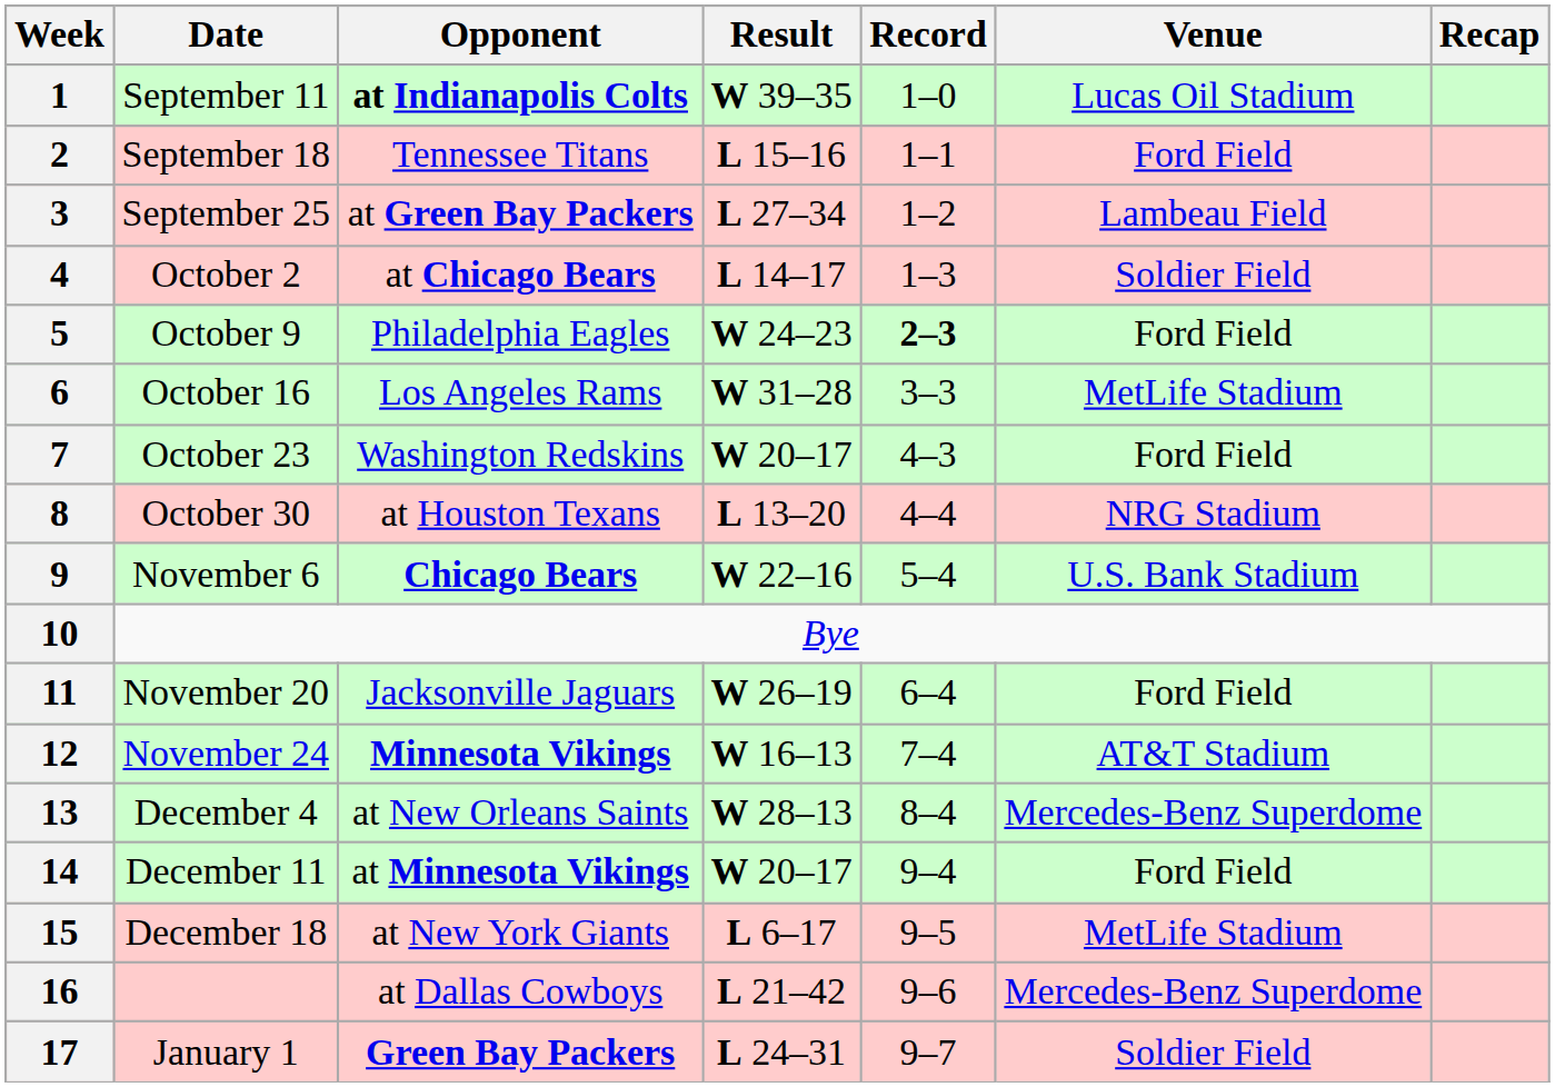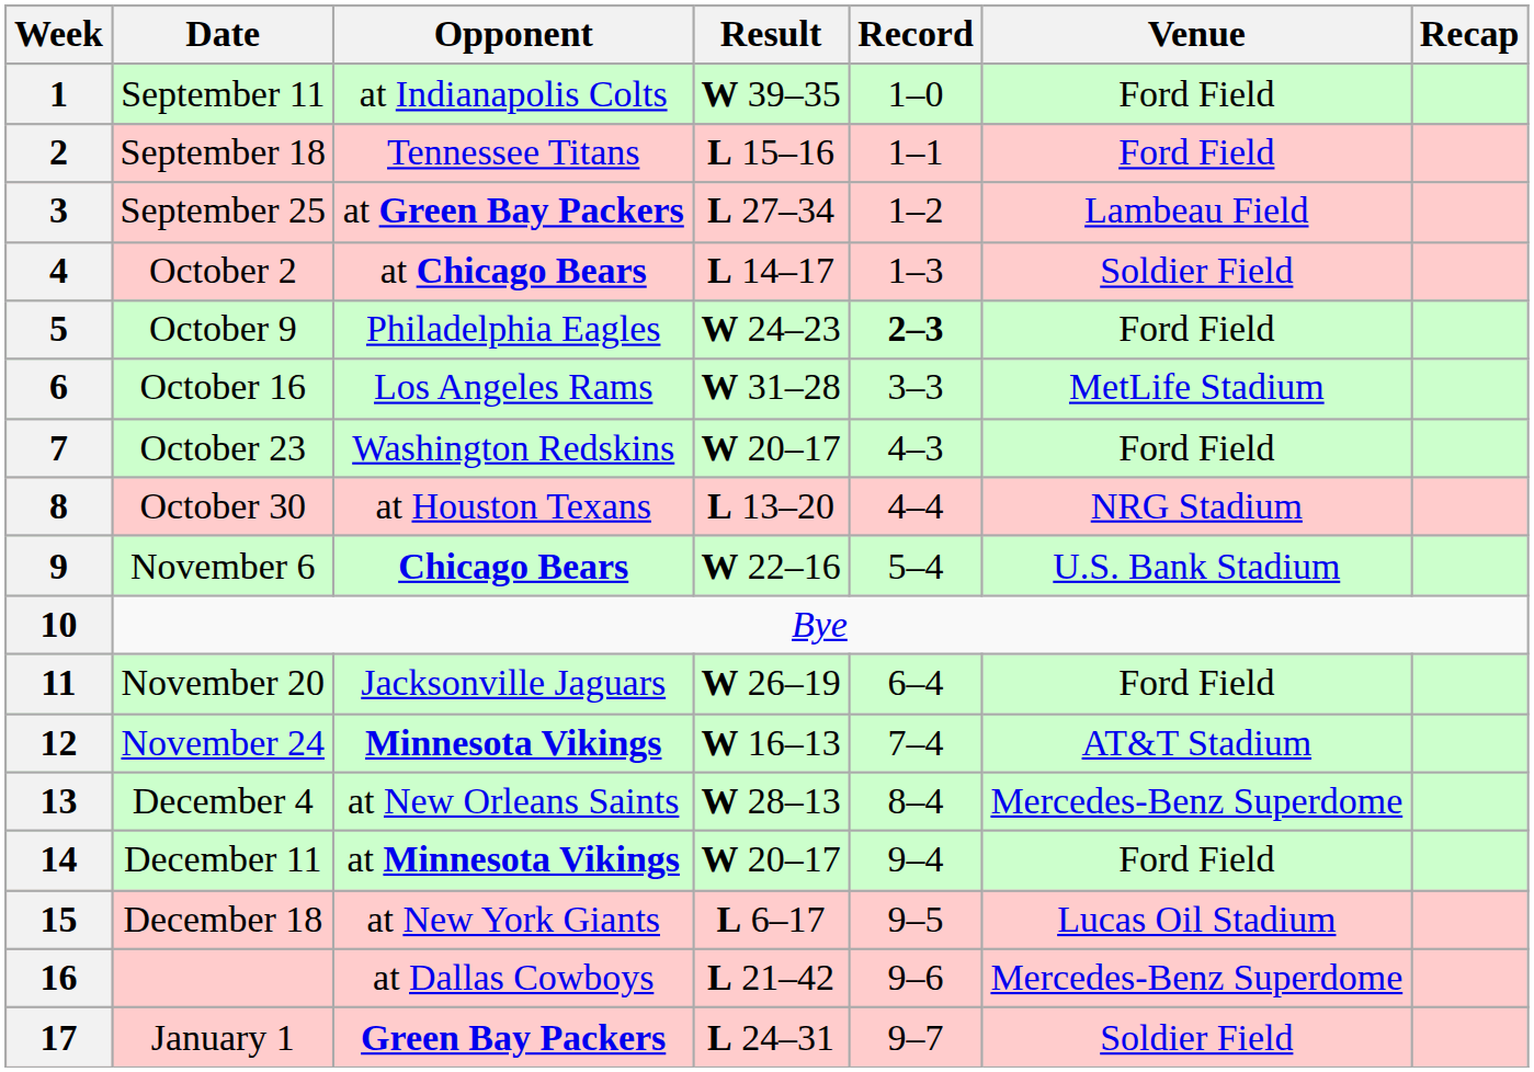 <table class="wikitable" style="text-align:center">
 <tr>
 <th>Week</th>
 <th>Date</th>
 <th>Opponent</th>
 <th>Result</th>
 <th>Record</th>
 <th>Venue</th>
 <th>Recap</th>
 </tr>
 <tr style="background:#cfc">
 <th>1</th>
 <td>September 11</td>
-<td><strong>at <a href='#'>Indianapolis Colts</a></strong></td>
+<td>at <a href='#'>Indianapolis Colts</a></td>
 <td><strong>W</strong> 39–35</td>
 <td>1–0</td>
-<td><a href='#'>Lucas Oil Stadium</a></td>
+<td>Ford Field</td>
 <td></td>
 </tr>
 <tr style="background:#fcc">
 <th>2</th>
 <td>September 18</td>
 <td><a href='#'>Tennessee Titans</a></td>
 <td><strong>L</strong> 15–16</td>
 <td>1–1</td>
 <td><a href='#'>Ford Field</a></td>
 <td></td>
 </tr>
 <tr style="background:#fcc">
 <th>3</th>
 <td>September 25</td>
 <td>at <strong><a href='#'>Green Bay Packers</a></strong></td>
 <td><strong>L</strong> 27–34</td>
 <td>1–2</td>
 <td><a href='#'>Lambeau Field</a></td>
 <td></td>
 </tr>
 <tr style="background:#fcc">
 <th>4</th>
 <td>October 2</td>
 <td>at <strong><a href='#'>Chicago Bears</a></strong></td>
 <td><strong>L</strong> 14–17</td>
 <td>1–3</td>
 <td><a href='#'>Soldier Field</a></td>
 <td></td>
 </tr>
 <tr style="background:#cfc">
 <th>5</th>
 <td>October 9</td>
 <td><a href='#'>Philadelphia Eagles</a></td>
 <td><strong>W</strong> 24–23</td>
 <td><strong>2–3</strong></td>
 <td>Ford Field</td>
 <td></td>
 </tr>
 <tr style="background:#cfc">
 <th>6</th>
 <td>October 16</td>
 <td><a href='#'>Los Angeles Rams</a></td>
 <td><strong>W</strong> 31–28</td>
 <td>3–3</td>
 <td><a href='#'>MetLife Stadium</a></td>
 <td></td>
 </tr>
 <tr style="background:#cfc">
 <th>7</th>
 <td>October 23</td>
 <td><a href='#'>Washington Redskins</a></td>
 <td><strong>W</strong> 20–17</td>
 <td>4–3</td>
 <td>Ford Field</td>
 <td></td>
 </tr>
 <tr style="background:#fcc">
 <th>8</th>
 <td>October 30</td>
 <td>at <a href='#'>Houston Texans</a></td>
 <td><strong>L</strong> 13–20</td>
 <td>4–4</td>
 <td><a href='#'>NRG Stadium</a></td>
 <td></td>
 </tr>
 <tr style="background:#cfc">
 <th>9</th>
 <td>November 6</td>
 <td><strong><a href='#'>Chicago Bears</a></strong></td>
 <td><strong>W</strong> 22–16 </td>
 <td>5–4</td>
 <td><a href='#'>U.S. Bank Stadium</a></td>
 <td></td>
 </tr>
 <tr>
 <th>10</th>
 <td colspan="6"><em><a href='#'>Bye</a></em></td>
 </tr>
 <tr style="background:#cfc">
 <th>11</th>
 <td>November 20</td>
 <td><a href='#'>Jacksonville Jaguars</a></td>
 <td><strong>W</strong> 26–19</td>
 <td>6–4</td>
 <td>Ford Field</td>
 <td></td>
 </tr>
 <tr style="background:#cfc">
 <th>12</th>
 <td><a href='#'>November 24</a></td>
 <td><strong><a href='#'>Minnesota Vikings</a></strong></td>
 <td><strong>W</strong> 16–13</td>
 <td>7–4</td>
 <td><a href='#'>AT&T Stadium</a></td>
 <td></td>
 </tr>
 <tr style="background:#cfc">
 <th>13</th>
 <td>December 4</td>
 <td>at <a href='#'>New Orleans Saints</a></td>
 <td><strong>W</strong> 28–13</td>
 <td>8–4</td>
 <td><a href='#'>Mercedes-Benz Superdome</a></td>
 <td></td>
 </tr>
 <tr style="background:#cfc">
 <th>14</th>
 <td>December 11</td>
 <td>at <strong><a href='#'>Minnesota Vikings</a></strong></td>
 <td><strong>W</strong> 20–17</td>
 <td>9–4</td>
 <td>Ford Field</td>
 <td></td>
 </tr>
 <tr style="background:#fcc">
 <th>15</th>
 <td>December 18</td>
 <td>at <a href='#'>New York Giants</a></td>
 <td><strong>L</strong> 6–17</td>
 <td>9–5</td>
-<td><a href='#'>MetLife Stadium</a></td>
+<td><a href='#'>Lucas Oil Stadium</a></td>
 <td></td>
 </tr>
 <tr style="background:#fcc">
 <th>16</th>
 <td></td>
 <td>at <a href='#'>Dallas Cowboys</a></td>
 <td><strong>L</strong> 21–42</td>
 <td>9–6</td>
 <td><a href='#'>Mercedes-Benz Superdome</a></td>
 <td></td>
 </tr>
 <tr style="background:#fcc">
 <th>17</th>
 <td>January 1</td>
 <td><strong><a href='#'>Green Bay Packers</a></strong></td>
 <td><strong>L</strong> 24–31</td>
 <td>9–7</td>
 <td><a href='#'>Soldier Field</a></td>
 <td></td>
 </tr>
 </table>
